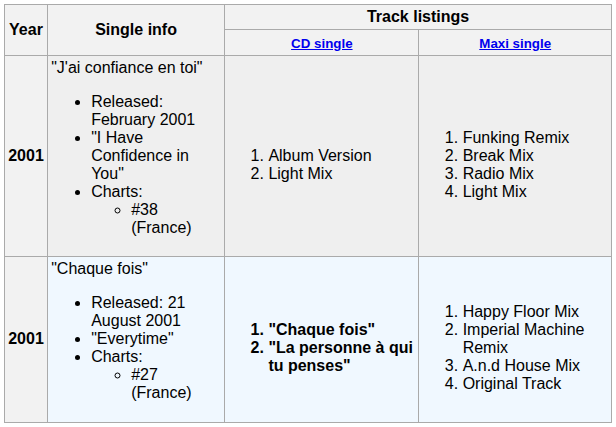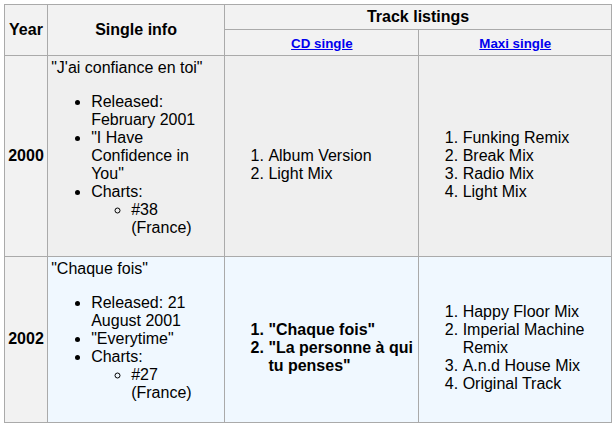 <table class="wikitable">
 <tr>
 <th width="30" rowspan="2">Year</th>
 <th width="175" rowspan="2">Single info</th>
 <th colspan="2">Track listings</th>
 </tr>
 <tr bgcolor="#DDDDDD">
 <th width="200" align="center"><small><a href='#'>CD single</a></small></th>
 <th width="200" align="center"><small><a href='#'>Maxi single</a></small></th>
 </tr>
 <tr bgcolor="#efefef">
-<th>2001</th>
+<th>2000</th>
 <td>"J'ai confiance en toi"<br><ul><li>Released: February 2001</li><li>"I Have Confidence in You"</li><li>Charts:<ul><li>#38 (France)</li></ul></li></ul></td>
 <td><br><ol><li>Album Version</li><li>Light Mix</li></ol></td>
 <td><br><ol><li>Funking Remix</li><li>Break Mix</li><li>Radio Mix</li><li>Light Mix</li></ol></td>
 </tr>
 <tr bgcolor="#F0F8FF">
-<th>2001</th>
+<th>2002</th>
 <td>"Chaque fois"<br><ul><li>Released: 21 August 2001</li><li>"Everytime"</li><li>Charts:<ul><li>#27 (France)</li></ul></li></ul></td>
 <td><strong><br><ol><li>"Chaque fois"</li><li>"La personne à qui tu penses"</li></ol></strong></td>
 <td><br><ol><li>Happy Floor Mix</li><li>Imperial Machine Remix</li><li>A.n.d House Mix</li><li>Original Track</li></ol></td>
 </tr>
 <tr bgcolor="#efefef">
 </tr>
 </table>
